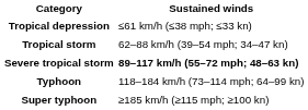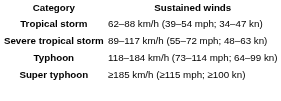 <table class="toccolours" style="margin: 0 auto;">
 <tr>
 <th>Category</th>
 <th>Sustained winds</th>
-</tr>
-<tr>
-<th style="background-color:#">Tropical depression</th>
-<td style="padding:4px">≤61 km/h (≤38 mph; ≤33 kn)</td>
 </tr>
 <tr>
 <th style="background-color:#">Tropical storm</th>
 <td style="padding:4px">62–88 km/h (39–54 mph; 34–47 kn)</td>
 </tr>
 <tr>
 <th style="background-color:#">Severe tropical storm</th>
-<td style="padding:4px"><strong>89–117 km/h (55–72 mph; 48–63 kn)</strong></td>
+<td style="padding:4px">89–117 km/h (55–72 mph; 48–63 kn)</td>
 </tr>
 <tr>
 <th style="background-color:#">Typhoon</th>
 <td style="padding:4px">118–184 km/h (73–114 mph; 64–99 kn)</td>
 </tr>
 <tr>
 <th style="background-color:#">Super typhoon</th>
 <td style="padding:4px">≥185 km/h (≥115 mph; ≥100 kn)</td>
 </tr>
 </table>
